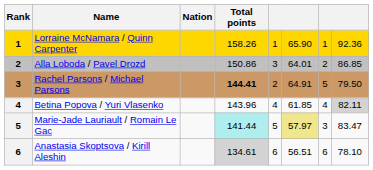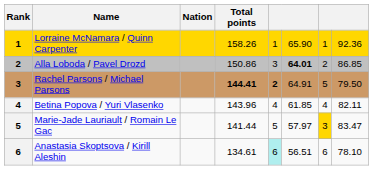 <table class="wikitable sortable">
 <tr>
 <th>Rank</th>
 <th>Name</th>
 <th>Nation</th>
 <th>Total points</th>
 <th colspan="2" width="80px"></th>
 <th colspan="2" width="80px"></th>
 </tr>
 <tr bgcolor="gold">
 <td align="center"><strong>1</strong></td>
 <td><a href='#'>Lorraine McNamara</a> / <a href='#'>Quinn Carpenter</a></td>
 <td></td>
 <td align="center">158.26</td>
 <td align="center">1</td>
 <td align="center">65.90</td>
 <td align="center">1</td>
 <td align="center">92.36</td>
 </tr>
 <tr bgcolor="silver">
 <td align="center"><strong>2</strong></td>
 <td><a href='#'>Alla Loboda</a> / <a href='#'>Pavel Drozd</a></td>
 <td></td>
 <td align="center">150.86</td>
 <td align="center">3</td>
-<td align="center">64.01</td>
+<td align="center"><strong>64.01</strong></td>
 <td align="center">2</td>
 <td align="center">86.85</td>
 </tr>
 <tr bgcolor="cc9966">
 <td align="center"><strong>3</strong></td>
 <td><a href='#'>Rachel Parsons</a> / <a href='#'>Michael Parsons</a></td>
 <td></td>
 <td align="center"><strong>144.41</strong></td>
-<td align="center">2</td>
+<td align="center"><strong>2</strong></td>
 <td align="center">64.91</td>
 <td align="center">5</td>
 <td align="center">79.50</td>
 </tr>
 <tr>
 <th>4</th>
 <td><a href='#'>Betina Popova</a> / <a href='#'>Yuri Vlasenko</a></td>
 <td></td>
 <td align="center">143.96</td>
 <td align="center">4</td>
 <td align="center">61.85</td>
 <td align="center">4</td>
-<td align="center" style="background: lightgrey;">82.11</td>
+<td align="center">82.11</td>
 </tr>
 <tr>
 <th>5</th>
 <td><a href='#'>Marie-Jade Lauriault</a> / <a href='#'>Romain Le Gac</a></td>
 <td></td>
-<td align="center" style="background: paleturquoise;">141.44</td>
+<td align="center">141.44</td>
 <td align="center">5</td>
-<td align="center" style="background: khaki;">57.97</td>
-<td align="center">3</td>
+<td align="center">57.97</td>
+<td align="center" style="background: gold;">3</td>
 <td align="center">83.47</td>
 </tr>
 <tr>
 <th>6</th>
 <td><a href='#'>Anastasia Skoptsova</a> / <a href='#'>Kirill Aleshin</a></td>
 <td></td>
-<td align="center" style="background: lightgrey;">134.61</td>
-<td align="center">6</td>
+<td align="center">134.61</td>
+<td align="center" style="background: paleturquoise;">6</td>
 <td align="center">56.51</td>
 <td align="center">6</td>
 <td align="center">78.10</td>
 </tr>
 </table>
